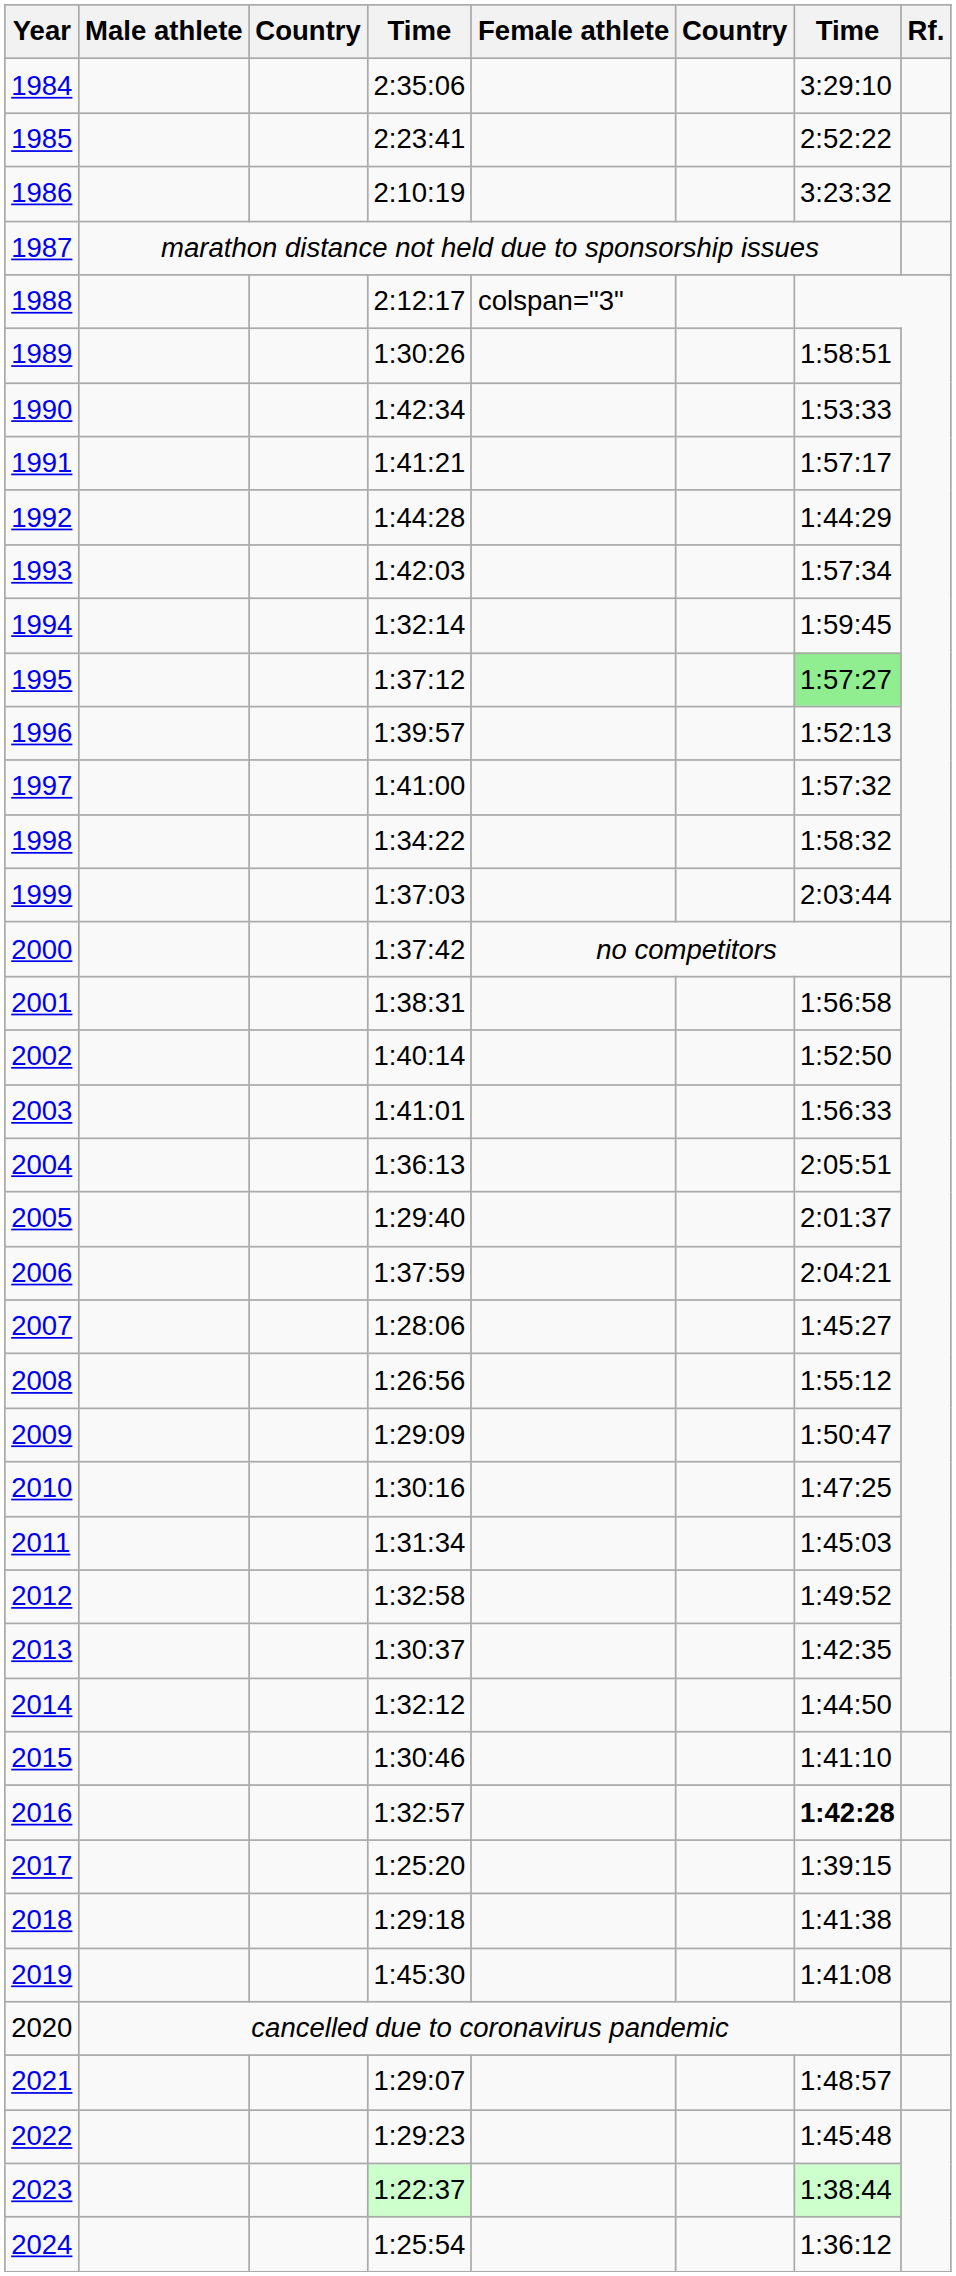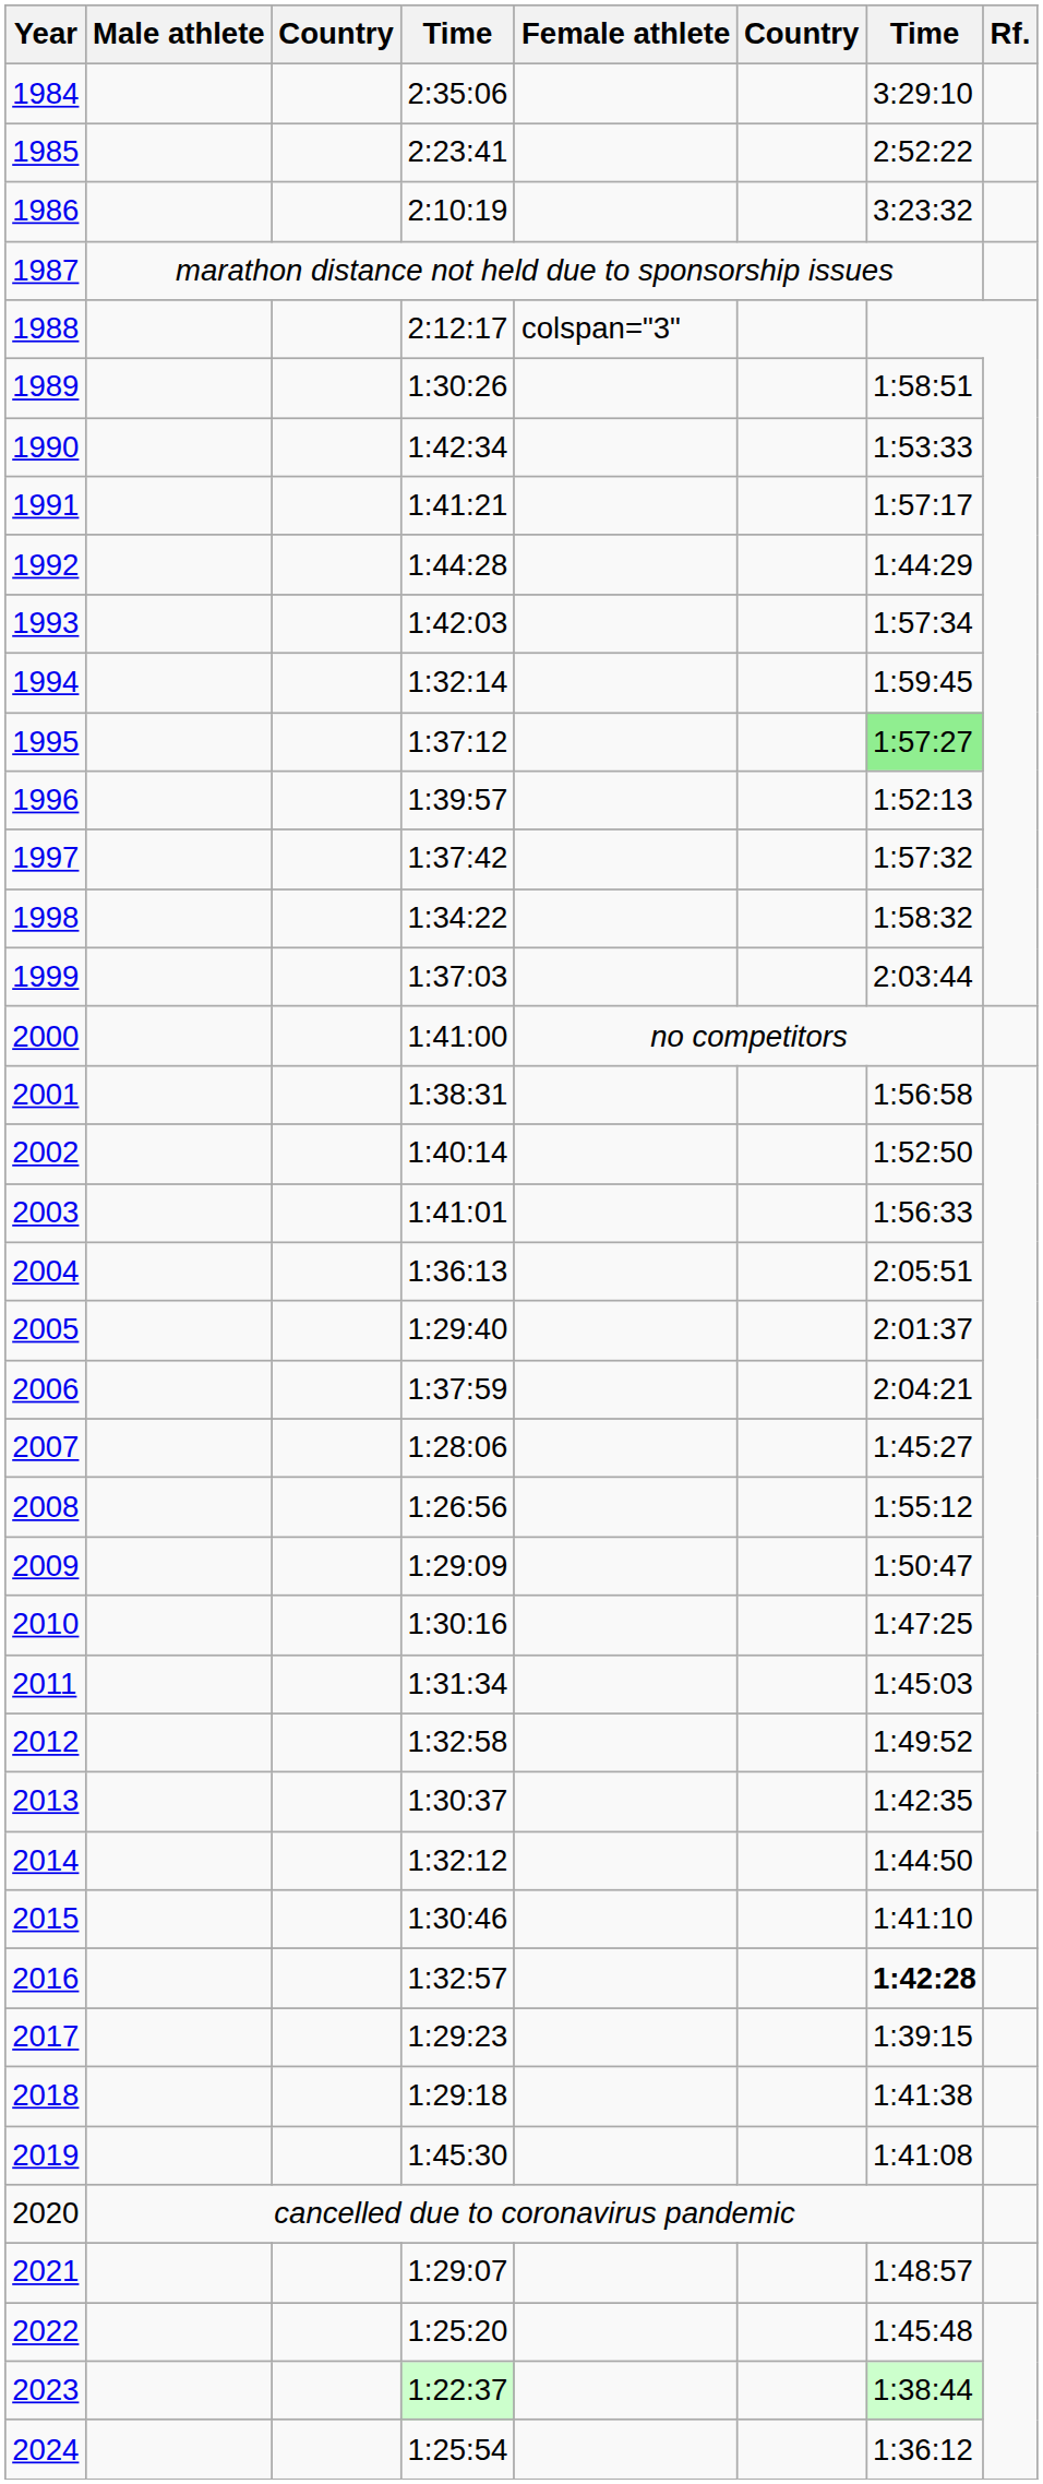 <table class="wikitable sortable" style="font-size:1.00em; line-height:1.5em;">
 <tr>
 <th>Year</th>
 <th>Male athlete</th>
 <th>Country</th>
 <th>Time</th>
 <th>Female athlete</th>
 <th>Country</th>
 <th>Time</th>
 <th class="unsortable">Rf.</th>
 </tr>
 <tr>
 <td><a href='#'>1984</a></td>
 <td></td>
 <td></td>
 <td>2:35:06</td>
 <td></td>
 <td></td>
 <td>3:29:10</td>
 <td></td>
 </tr>
 <tr>
 <td><a href='#'>1985</a></td>
 <td></td>
 <td></td>
 <td>2:23:41</td>
 <td></td>
 <td></td>
 <td>2:52:22</td>
 <td></td>
 </tr>
 <tr>
 <td><a href='#'>1986</a></td>
 <td></td>
 <td></td>
 <td>2:10:19</td>
 <td></td>
 <td></td>
 <td>3:23:32</td>
 <td></td>
 </tr>
 <tr>
 <td><a href='#'>1987</a></td>
 <td colspan="6" align="center" data-sort-value=""><em>marathon distance not held due to sponsorship issues</em></td>
 <td></td>
 </tr>
 <tr>
 <td><a href='#'>1988</a></td>
 <td></td>
 <td></td>
 <td>2:12:17</td>
 <td>colspan="3" </td>
 <td></td>
 </tr>
 <tr>
 <td><a href='#'>1989</a></td>
 <td></td>
 <td></td>
 <td>1:30:26</td>
 <td></td>
 <td></td>
 <td>1:58:51</td>
 </tr>
 <tr>
 <td><a href='#'>1990</a></td>
 <td></td>
 <td></td>
 <td>1:42:34</td>
 <td></td>
 <td></td>
 <td>1:53:33</td>
 </tr>
 <tr>
 <td><a href='#'>1991</a></td>
 <td></td>
 <td></td>
 <td>1:41:21</td>
 <td></td>
 <td></td>
 <td>1:57:17</td>
 </tr>
 <tr>
 <td><a href='#'>1992</a></td>
 <td></td>
 <td></td>
 <td>1:44:28</td>
 <td></td>
 <td></td>
 <td>1:44:29</td>
 </tr>
 <tr>
 <td><a href='#'>1993</a></td>
 <td></td>
 <td></td>
 <td>1:42:03</td>
 <td></td>
 <td></td>
 <td>1:57:34</td>
 </tr>
 <tr>
 <td><a href='#'>1994</a></td>
 <td></td>
 <td></td>
 <td>1:32:14</td>
 <td></td>
 <td></td>
 <td>1:59:45</td>
 </tr>
 <tr>
 <td><a href='#'>1995</a></td>
 <td> <br> </td>
 <td> <br> </td>
 <td>1:37:12</td>
 <td></td>
 <td></td>
 <td style="background: lightgreen;">1:57:27</td>
 </tr>
 <tr>
 <td><a href='#'>1996</a></td>
 <td></td>
 <td></td>
 <td>1:39:57</td>
 <td></td>
 <td></td>
 <td>1:52:13</td>
 </tr>
 <tr>
 <td><a href='#'>1997</a></td>
 <td></td>
 <td></td>
-<td>1:41:00</td>
+<td>1:37:42</td>
 <td></td>
 <td></td>
 <td>1:57:32</td>
 </tr>
 <tr>
 <td><a href='#'>1998</a></td>
 <td></td>
 <td></td>
 <td>1:34:22</td>
 <td></td>
 <td></td>
 <td>1:58:32</td>
 </tr>
 <tr>
 <td><a href='#'>1999</a></td>
 <td></td>
 <td></td>
 <td>1:37:03</td>
 <td></td>
 <td></td>
 <td>2:03:44</td>
 </tr>
 <tr>
 <td><a href='#'>2000</a></td>
 <td></td>
 <td></td>
-<td>1:37:42</td>
+<td>1:41:00</td>
 <td colspan="3" align="center" data-sort-value=""><em>no competitors</em></td>
 <td></td>
 </tr>
 <tr>
 <td><a href='#'>2001</a></td>
 <td></td>
 <td></td>
 <td>1:38:31</td>
 <td></td>
 <td></td>
 <td>1:56:58</td>
 </tr>
 <tr>
 <td><a href='#'>2002</a></td>
 <td></td>
 <td></td>
 <td>1:40:14</td>
 <td></td>
 <td></td>
 <td>1:52:50</td>
 </tr>
 <tr>
 <td><a href='#'>2003</a></td>
 <td></td>
 <td></td>
 <td>1:41:01</td>
 <td></td>
 <td></td>
 <td>1:56:33</td>
 </tr>
 <tr>
 <td><a href='#'>2004</a></td>
 <td></td>
 <td></td>
 <td>1:36:13</td>
 <td></td>
 <td></td>
 <td>2:05:51</td>
 </tr>
 <tr>
 <td><a href='#'>2005</a></td>
 <td></td>
 <td></td>
 <td>1:29:40</td>
 <td></td>
 <td></td>
 <td>2:01:37</td>
 </tr>
 <tr>
 <td><a href='#'>2006</a></td>
 <td></td>
 <td></td>
 <td>1:37:59</td>
 <td></td>
 <td></td>
 <td>2:04:21</td>
 </tr>
 <tr>
 <td><a href='#'>2007</a></td>
 <td></td>
 <td></td>
 <td>1:28:06</td>
 <td></td>
 <td></td>
 <td>1:45:27</td>
 </tr>
 <tr>
 <td><a href='#'>2008</a></td>
 <td></td>
 <td></td>
 <td>1:26:56</td>
 <td></td>
 <td></td>
 <td>1:55:12</td>
 </tr>
 <tr>
 <td><a href='#'>2009</a></td>
 <td></td>
 <td></td>
 <td>1:29:09</td>
 <td></td>
 <td></td>
 <td>1:50:47</td>
 </tr>
 <tr>
 <td><a href='#'>2010</a></td>
 <td></td>
 <td></td>
 <td>1:30:16</td>
 <td></td>
 <td></td>
 <td>1:47:25</td>
 </tr>
 <tr>
 <td><a href='#'>2011</a></td>
 <td></td>
 <td></td>
 <td>1:31:34</td>
 <td></td>
 <td></td>
 <td>1:45:03</td>
 </tr>
 <tr>
 <td><a href='#'>2012</a></td>
 <td></td>
 <td></td>
 <td>1:32:58</td>
 <td></td>
 <td></td>
 <td>1:49:52</td>
 </tr>
 <tr>
 <td><a href='#'>2013</a></td>
 <td></td>
 <td></td>
 <td>1:30:37</td>
 <td></td>
 <td></td>
 <td>1:42:35</td>
 </tr>
 <tr>
 <td><a href='#'>2014</a></td>
 <td></td>
 <td></td>
 <td>1:32:12</td>
 <td></td>
 <td></td>
 <td>1:44:50</td>
 </tr>
 <tr>
 <td><a href='#'>2015</a></td>
 <td></td>
 <td></td>
 <td>1:30:46</td>
 <td></td>
 <td></td>
 <td>1:41:10</td>
 <td></td>
 </tr>
 <tr>
 <td><a href='#'>2016</a></td>
 <td></td>
 <td></td>
 <td>1:32:57</td>
 <td></td>
 <td></td>
 <td><strong>1:42:28</strong></td>
 <td></td>
 </tr>
 <tr>
 <td><a href='#'>2017</a></td>
 <td></td>
 <td></td>
-<td>1:25:20</td>
+<td>1:29:23</td>
 <td></td>
 <td></td>
 <td>1:39:15</td>
 <td></td>
 </tr>
 <tr>
 <td><a href='#'>2018</a></td>
 <td></td>
 <td></td>
 <td>1:29:18</td>
 <td></td>
 <td></td>
 <td>1:41:38</td>
 </tr>
 <tr>
 <td><a href='#'>2019</a></td>
 <td></td>
 <td></td>
 <td>1:45:30</td>
 <td></td>
 <td></td>
 <td>1:41:08</td>
 <td></td>
 </tr>
 <tr>
 <td>2020</td>
 <td colspan="6" align="center" data-sort-value=""><em>cancelled due to coronavirus pandemic</em></td>
 <td></td>
 </tr>
 <tr>
 <td><a href='#'>2021</a></td>
 <td></td>
 <td></td>
 <td>1:29:07</td>
 <td></td>
 <td></td>
 <td>1:48:57</td>
 <td></td>
 </tr>
 <tr>
 <td><a href='#'>2022</a></td>
 <td></td>
 <td></td>
-<td>1:29:23</td>
+<td>1:25:20</td>
 <td></td>
 <td></td>
 <td>1:45:48</td>
 </tr>
 <tr>
 <td><a href='#'>2023</a></td>
 <td></td>
 <td></td>
 <td bgcolor="#CCFFCC">1:22:37</td>
 <td></td>
 <td></td>
 <td bgcolor="#CCFFCC">1:38:44</td>
 </tr>
 <tr>
 <td><a href='#'>2024</a></td>
 <td></td>
 <td></td>
 <td>1:25:54</td>
 <td></td>
 <td></td>
 <td>1:36:12</td>
 </tr>
 </table>
